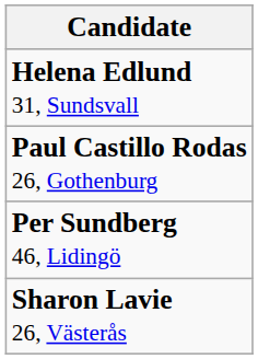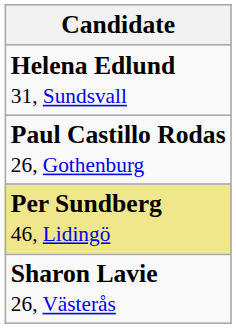 <table class="wikitable" style="margin:auto; text-align:center">
 <tr>
 <th>Candidate</th>
 </tr>
 <tr>
 <td style="text-align:left"><strong>Helena Edlund</strong><br><small>31, <a href='#'>Sundsvall</a></small></td>
 </tr>
 <tr>
 <td style="text-align:left"><strong>Paul Castillo Rodas</strong><br><small>26, <a href='#'>Gothenburg</a></small></td>
 </tr>
 <tr>
-<td style="text-align:left"><strong>Per Sundberg</strong><br><small>46, <a href='#'>Lidingö</a></small></td>
+<td style="background: khaki; text-align:left"><strong>Per Sundberg</strong><br><small>46, <a href='#'>Lidingö</a></small></td>
 </tr>
 <tr>
 <td style="text-align:left"><strong>Sharon Lavie</strong><br><small>26, <a href='#'>Västerås</a></small></td>
 </tr>
 </table>
